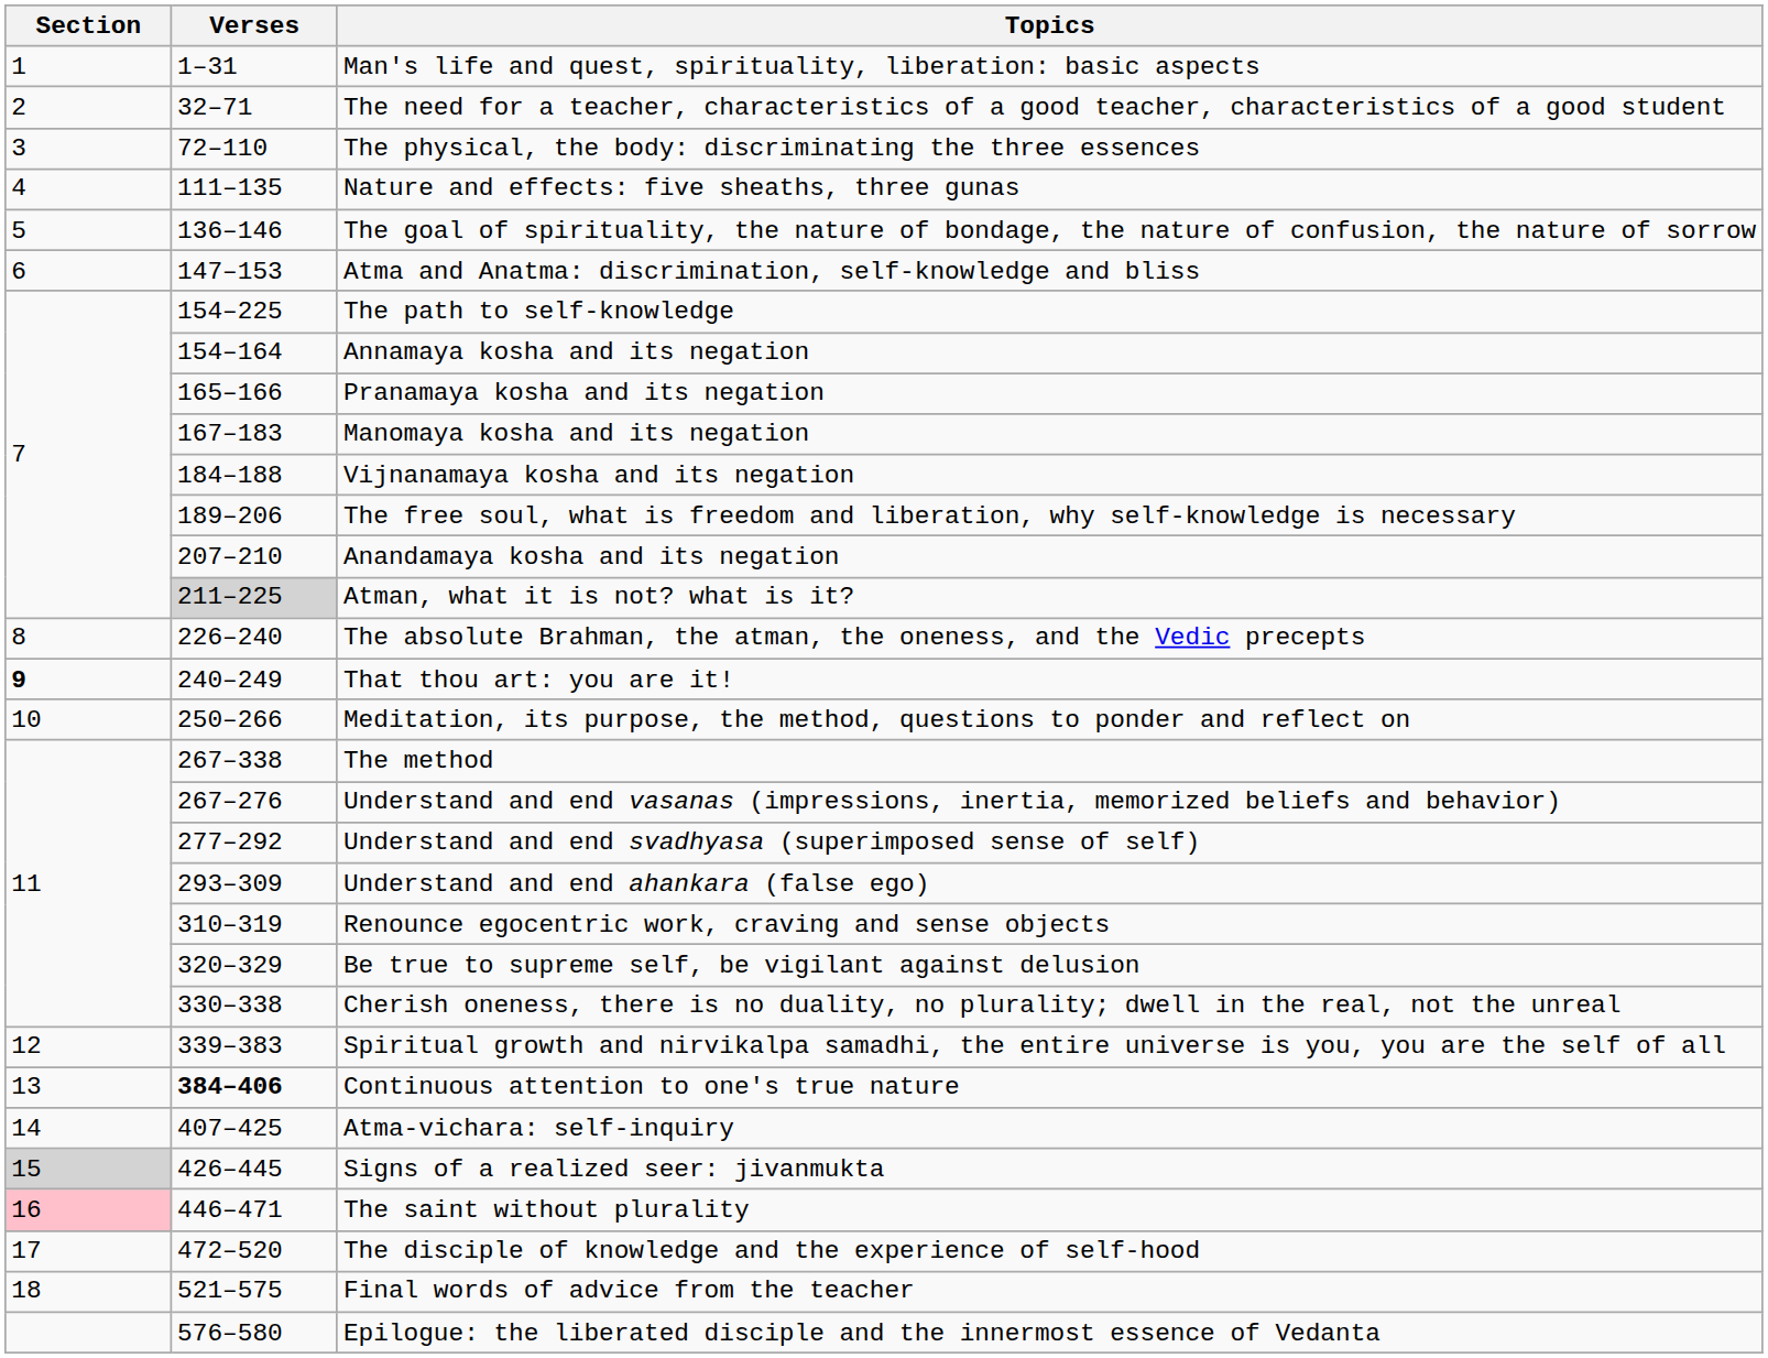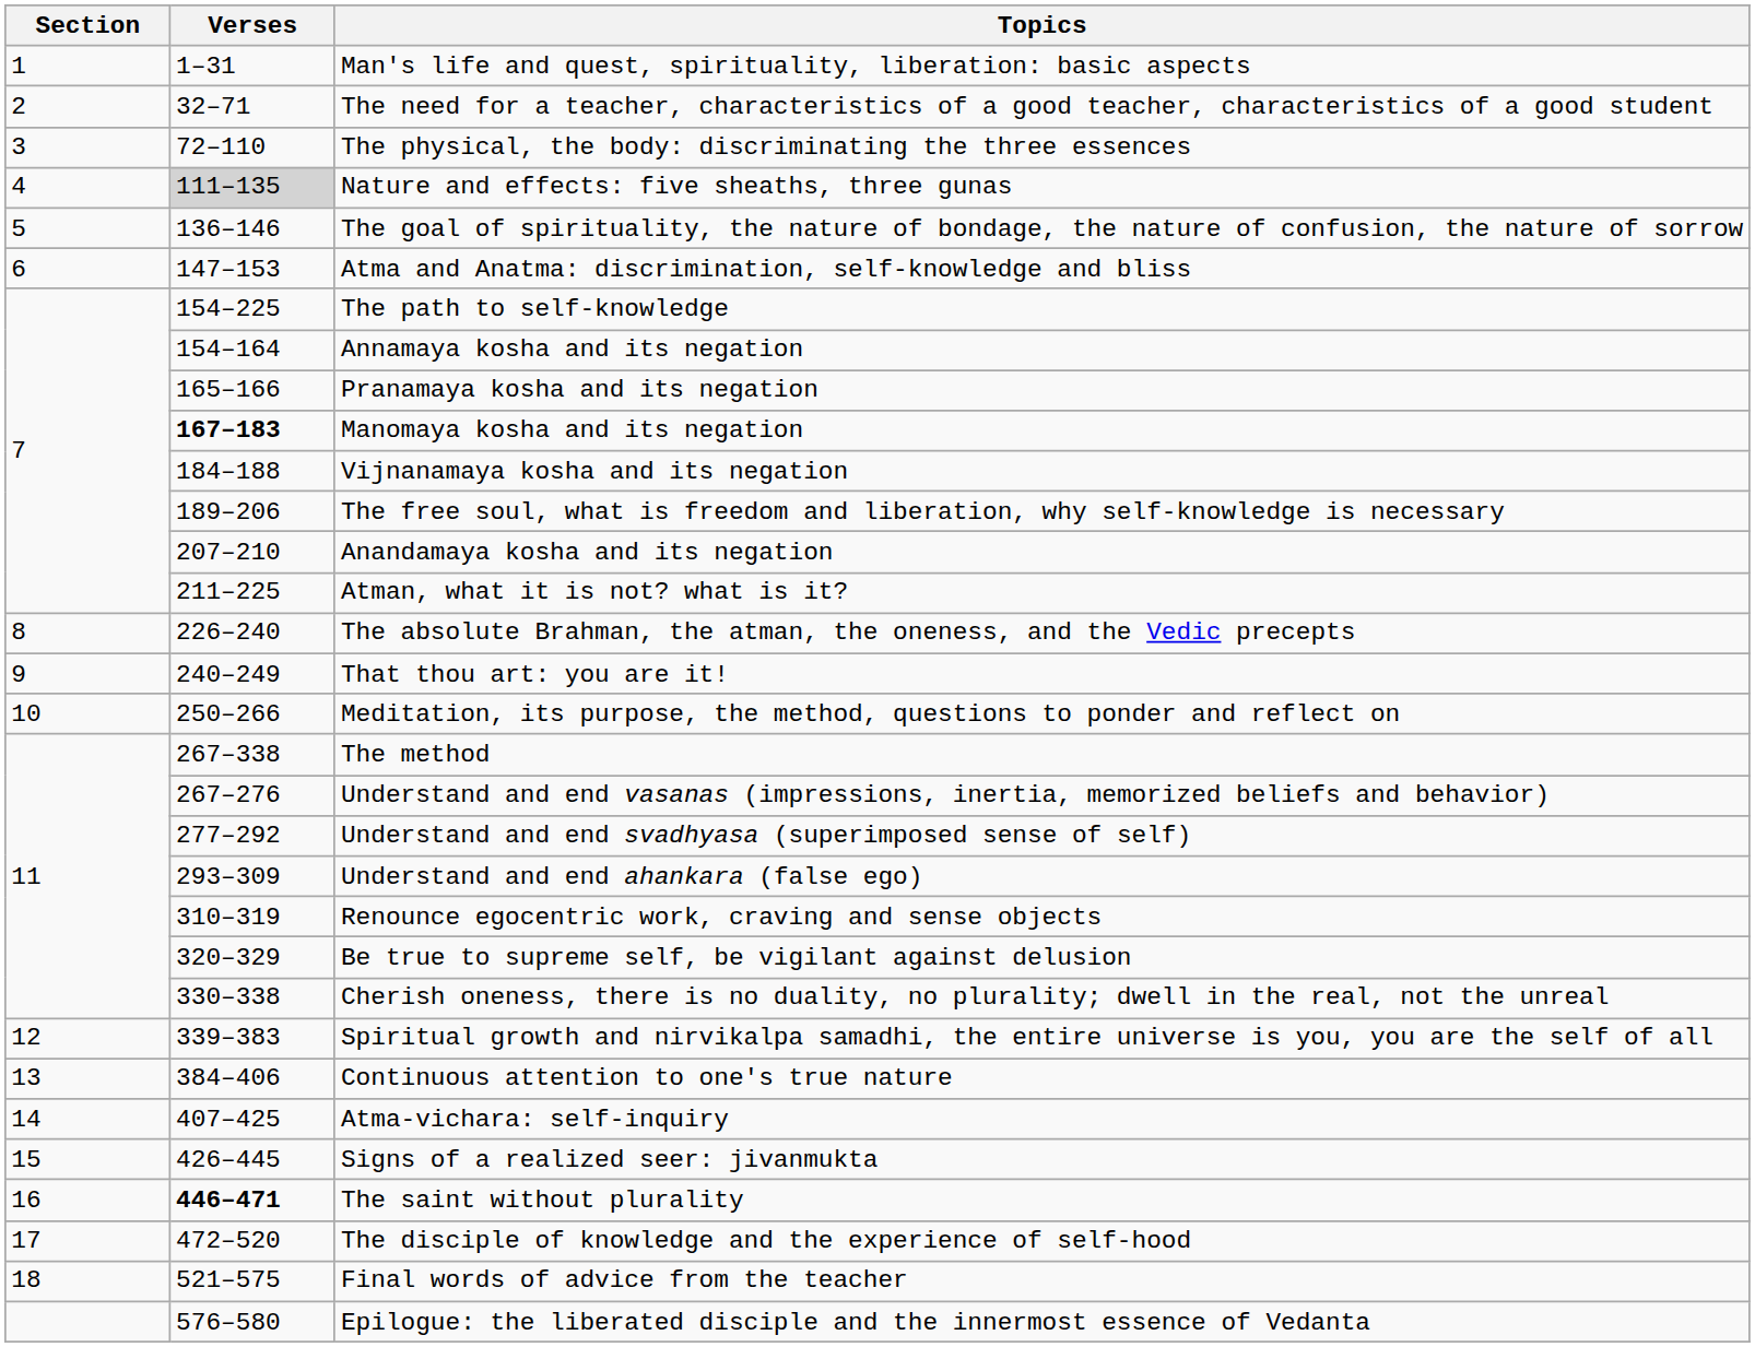 <table class="wikitable">
 <tr>
 <th width=80px>Section</th>
 <th width=80px>Verses</th>
 <th>Topics</th>
 </tr>
 <tr>
 <td>1</td>
 <td>1–31</td>
 <td>Man's life and quest, spirituality, liberation: basic aspects</td>
 </tr>
 <tr>
 <td>2</td>
 <td>32–71</td>
 <td>The need for a teacher, characteristics of a good teacher, characteristics of a good student</td>
 </tr>
 <tr>
 <td>3</td>
 <td>72–110</td>
 <td>The physical, the body: discriminating the three essences</td>
 </tr>
 <tr>
 <td>4</td>
-<td>111–135</td>
+<td style="background: lightgrey;">111–135</td>
 <td>Nature and effects: five sheaths, three gunas</td>
 </tr>
 <tr>
 <td>5</td>
 <td>136–146</td>
 <td>The goal of spirituality, the nature of bondage, the nature of confusion, the nature of sorrow</td>
 </tr>
 <tr>
 <td>6</td>
 <td>147–153</td>
 <td>Atma and Anatma: discrimination, self-knowledge and bliss</td>
 </tr>
 <tr>
 <td rowspan=8>7</td>
 <td>154–225</td>
 <td>The path to self-knowledge</td>
 </tr>
 <tr>
 <td>154–164</td>
 <td>Annamaya kosha and its negation</td>
 </tr>
 <tr>
 <td>165–166</td>
 <td>Pranamaya kosha and its negation</td>
 </tr>
 <tr>
-<td>167–183</td>
+<td><strong>167–183</strong></td>
 <td>Manomaya kosha and its negation</td>
 </tr>
 <tr>
 <td>184–188</td>
 <td>Vijnanamaya kosha and its negation</td>
 </tr>
 <tr>
 <td>189–206</td>
 <td>The free soul, what is freedom and liberation, why self-knowledge is necessary</td>
 </tr>
 <tr>
 <td>207–210</td>
 <td>Anandamaya kosha and its negation</td>
 </tr>
 <tr>
-<td style="background: lightgrey;">211–225</td>
+<td>211–225</td>
 <td>Atman, what it is not? what is it?</td>
 </tr>
 <tr>
 <td>8</td>
 <td>226–240</td>
 <td>The absolute Brahman, the atman, the oneness, and the <a href='#'>Vedic</a> precepts</td>
 </tr>
 <tr>
-<td><strong>9</strong></td>
+<td>9</td>
 <td>240–249</td>
 <td>That thou art: you are it!</td>
 </tr>
 <tr>
 <td>10</td>
 <td>250–266</td>
 <td>Meditation, its purpose, the method, questions to ponder and reflect on</td>
 </tr>
 <tr>
 <td rowspan=7>11</td>
 <td>267–338</td>
 <td>The method</td>
 </tr>
 <tr>
 <td>267–276</td>
 <td>Understand and end <em>vasanas</em> (impressions, inertia, memorized beliefs and behavior)</td>
 </tr>
 <tr>
 <td>277–292</td>
 <td>Understand and end <em>svadhyasa</em> (superimposed sense of self)</td>
 </tr>
 <tr>
 <td>293–309</td>
 <td>Understand and end <em>ahankara</em> (false ego)</td>
 </tr>
 <tr>
 <td>310–319</td>
 <td>Renounce egocentric work, craving and sense objects</td>
 </tr>
 <tr>
 <td>320–329</td>
 <td>Be true to supreme self, be vigilant against delusion</td>
 </tr>
 <tr>
 <td>330–338</td>
 <td>Cherish oneness, there is no duality, no plurality; dwell in the real, not the unreal</td>
 </tr>
 <tr>
 <td>12</td>
 <td>339–383</td>
 <td>Spiritual growth and nirvikalpa samadhi, the entire universe is you, you are the self of all</td>
 </tr>
 <tr>
 <td>13</td>
-<td><strong>384–406</strong></td>
+<td>384–406</td>
 <td>Continuous attention to one's true nature</td>
 </tr>
 <tr>
 <td>14</td>
 <td>407–425</td>
 <td>Atma-vichara: self-inquiry</td>
 </tr>
 <tr>
-<td style="background: lightgrey;">15</td>
+<td>15</td>
 <td>426–445</td>
 <td>Signs of a realized seer: jivanmukta</td>
 </tr>
 <tr>
-<td style="background: pink;">16</td>
-<td>446–471</td>
+<td>16</td>
+<td><strong>446–471</strong></td>
 <td>The saint without plurality</td>
 </tr>
 <tr>
 <td>17</td>
 <td>472–520</td>
 <td>The disciple of knowledge and the experience of self-hood</td>
 </tr>
 <tr>
 <td>18</td>
 <td>521–575</td>
 <td>Final words of advice from the teacher</td>
 </tr>
 <tr>
 <td></td>
 <td>576–580</td>
 <td>Epilogue: the liberated disciple and the innermost essence of Vedanta</td>
 </tr>
 </table>
